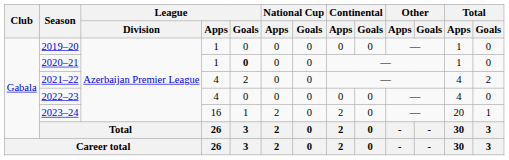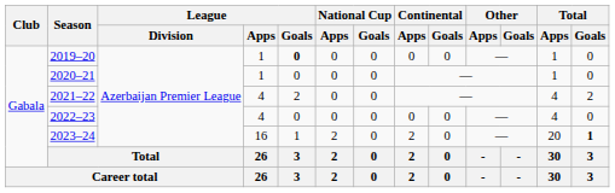 <table class="wikitable" style="text-align:center">
 <tr>
 <th rowspan="2">Club</th>
 <th rowspan="2">Season</th>
 <th colspan="3">League</th>
 <th colspan="2">National Cup</th>
 <th colspan="2">Continental</th>
 <th colspan="2">Other</th>
 <th colspan="2">Total</th>
 </tr>
 <tr>
 <th>Division</th>
 <th>Apps</th>
 <th>Goals</th>
 <th>Apps</th>
 <th>Goals</th>
 <th>Apps</th>
 <th>Goals</th>
 <th>Apps</th>
 <th>Goals</th>
 <th>Apps</th>
 <th>Goals</th>
 </tr>
 <tr>
 <td rowspan="6"><a href='#'>Gabala</a></td>
 <td><a href='#'>2019–20</a></td>
 <td rowspan="5"><a href='#'>Azerbaijan Premier League</a></td>
 <td>1</td>
-<td>0</td>
+<td><strong>0</strong></td>
 <td>0</td>
 <td>0</td>
 <td>0</td>
 <td>0</td>
 <td colspan="2">—</td>
 <td>1</td>
 <td>0</td>
 </tr>
 <tr>
 <td><a href='#'>2020–21</a></td>
 <td>1</td>
-<td><strong>0</strong></td>
+<td>0</td>
 <td>0</td>
 <td>0</td>
 <td colspan="4">—</td>
 <td>1</td>
 <td>0</td>
 </tr>
 <tr>
 <td><a href='#'>2021–22</a></td>
 <td>4</td>
 <td>2</td>
 <td>0</td>
 <td>0</td>
 <td colspan="4">—</td>
 <td>4</td>
 <td>2</td>
 </tr>
 <tr>
 <td><a href='#'>2022–23</a></td>
 <td>4</td>
 <td>0</td>
 <td>0</td>
 <td>0</td>
 <td>0</td>
 <td>0</td>
 <td colspan="2">—</td>
 <td>4</td>
 <td>0</td>
 </tr>
 <tr>
 <td><a href='#'>2023–24</a></td>
 <td>16</td>
 <td>1</td>
 <td>2</td>
 <td>0</td>
 <td>2</td>
 <td>0</td>
 <td colspan="2">—</td>
 <td>20</td>
-<td>1</td>
+<td><strong>1</strong></td>
 </tr>
 <tr>
 <th colspan="2">Total</th>
 <th>26</th>
 <th>3</th>
 <th>2</th>
 <th>0</th>
 <th>2</th>
 <th>0</th>
 <th>-</th>
 <th>-</th>
 <th>30</th>
 <th>3</th>
 </tr>
 <tr>
 <th colspan="3">Career total</th>
 <th>26</th>
 <th>3</th>
 <th>2</th>
 <th>0</th>
 <th>2</th>
 <th>0</th>
 <th>-</th>
 <th>-</th>
 <th>30</th>
 <th>3</th>
 </tr>
 </table>
